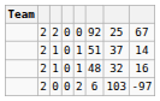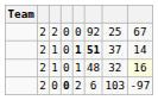 <table class="wikitable" style="text-align: center;">
 <tr>
 <th>Team</th>
 <th></th>
 <th></th>
 <th></th>
 <th></th>
 <th></th>
 <th></th>
 <th></th>
 </tr>
 <tr>
 <td align="left"></td>
 <td>2</td>
 <td>2</td>
 <td>0</td>
 <td>0</td>
 <td>92</td>
 <td>25</td>
 <td>67</td>
 </tr>
 <tr>
 <td align="left"></td>
 <td>2</td>
 <td>1</td>
 <td>0</td>
-<td>1</td>
-<td>51</td>
+<td><strong>1</strong></td>
+<td><strong>51</strong></td>
 <td>37</td>
 <td>14</td>
 </tr>
 <tr>
 <td align="left"></td>
 <td>2</td>
 <td>1</td>
 <td>0</td>
 <td>1</td>
 <td>48</td>
 <td>32</td>
-<td>16</td>
+<td style="background: lightyellow;">16</td>
 </tr>
 <tr>
 <td align="left"></td>
 <td>2</td>
 <td>0</td>
-<td>0</td>
+<td><strong>0</strong></td>
 <td>2</td>
 <td>6</td>
 <td>103</td>
 <td>-97</td>
 </tr>
 </table>
